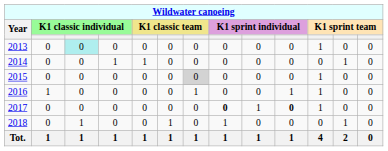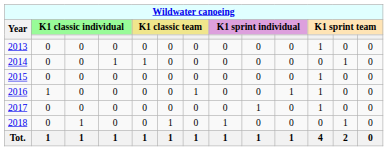 <table class="wikitable" width=50% style="font-size:100%; text-align:center;">
 <tr>
 <td colspan=13 bgcolor=LightCyan><strong><a href='#'>Wildwater canoeing</a></strong></td>
 </tr>
 <tr>
 <th rowspan=2>Year</th>
 <td colspan=3 bgcolor=palegreen><strong>K1 classic individual</strong></td>
 <td colspan=3 bgcolor=khaki><strong>K1 classic team</strong></td>
 <td colspan=3 bgcolor=plum><strong>K1 sprint individual</strong></td>
 <td colspan=3 bgcolor=moccasin><strong>K1 sprint team</strong></td>
 </tr>
 <tr>
 <th></th>
 <th></th>
 <th></th>
 <th></th>
 <th></th>
 <th></th>
 <th></th>
 <th></th>
 <th></th>
 <th></th>
 <th></th>
 <th></th>
 </tr>
 <tr>
 <td><a href='#'>2013</a></td>
 <td>0</td>
-<td style="background: paleturquoise;">0</td>
+<td>0</td>
 <td>0</td>
 <td>0</td>
 <td>0</td>
 <td>0</td>
 <td>0</td>
 <td>0</td>
 <td>0</td>
 <td>1</td>
 <td>0</td>
 <td>0</td>
 </tr>
 <tr>
 <td><a href='#'>2014</a></td>
 <td>0</td>
 <td>0</td>
 <td>1</td>
 <td>1</td>
 <td>0</td>
 <td>0</td>
 <td>0</td>
 <td>0</td>
 <td>0</td>
 <td>0</td>
 <td>1</td>
 <td>0</td>
 </tr>
 <tr>
 <td><a href='#'>2015</a></td>
 <td>0</td>
 <td>0</td>
 <td>0</td>
 <td>0</td>
 <td>0</td>
-<td style="background: lightgrey;">0</td>
+<td>0</td>
 <td>0</td>
 <td>0</td>
 <td>0</td>
 <td>1</td>
 <td>0</td>
 <td>0</td>
 </tr>
 <tr>
 <td><a href='#'>2016</a></td>
 <td>1</td>
 <td>0</td>
 <td>0</td>
 <td>0</td>
 <td>0</td>
 <td>1</td>
 <td>0</td>
 <td>0</td>
 <td>1</td>
 <td>1</td>
 <td>0</td>
 <td>0</td>
 </tr>
 <tr>
 <td><a href='#'>2017</a></td>
 <td>0</td>
 <td>0</td>
 <td>0</td>
 <td>0</td>
 <td>0</td>
 <td>0</td>
-<td><strong>0</strong></td>
+<td>0</td>
 <td>1</td>
-<td><strong>0</strong></td>
+<td>0</td>
 <td>1</td>
 <td>0</td>
 <td>0</td>
 </tr>
 <tr>
 <td><a href='#'>2018</a></td>
 <td>0</td>
 <td>1</td>
 <td>0</td>
 <td>0</td>
 <td>1</td>
 <td>0</td>
 <td>1</td>
 <td>0</td>
 <td>0</td>
 <td>0</td>
 <td>1</td>
 <td>0</td>
 </tr>
 <tr>
 <th>Tot.</th>
 <th>1</th>
 <th>1</th>
 <th>1</th>
 <th>1</th>
 <th>1</th>
 <th>1</th>
 <th>1</th>
 <th>1</th>
 <th>1</th>
 <th>4</th>
 <th>2</th>
 <th>0</th>
 </tr>
 </table>
